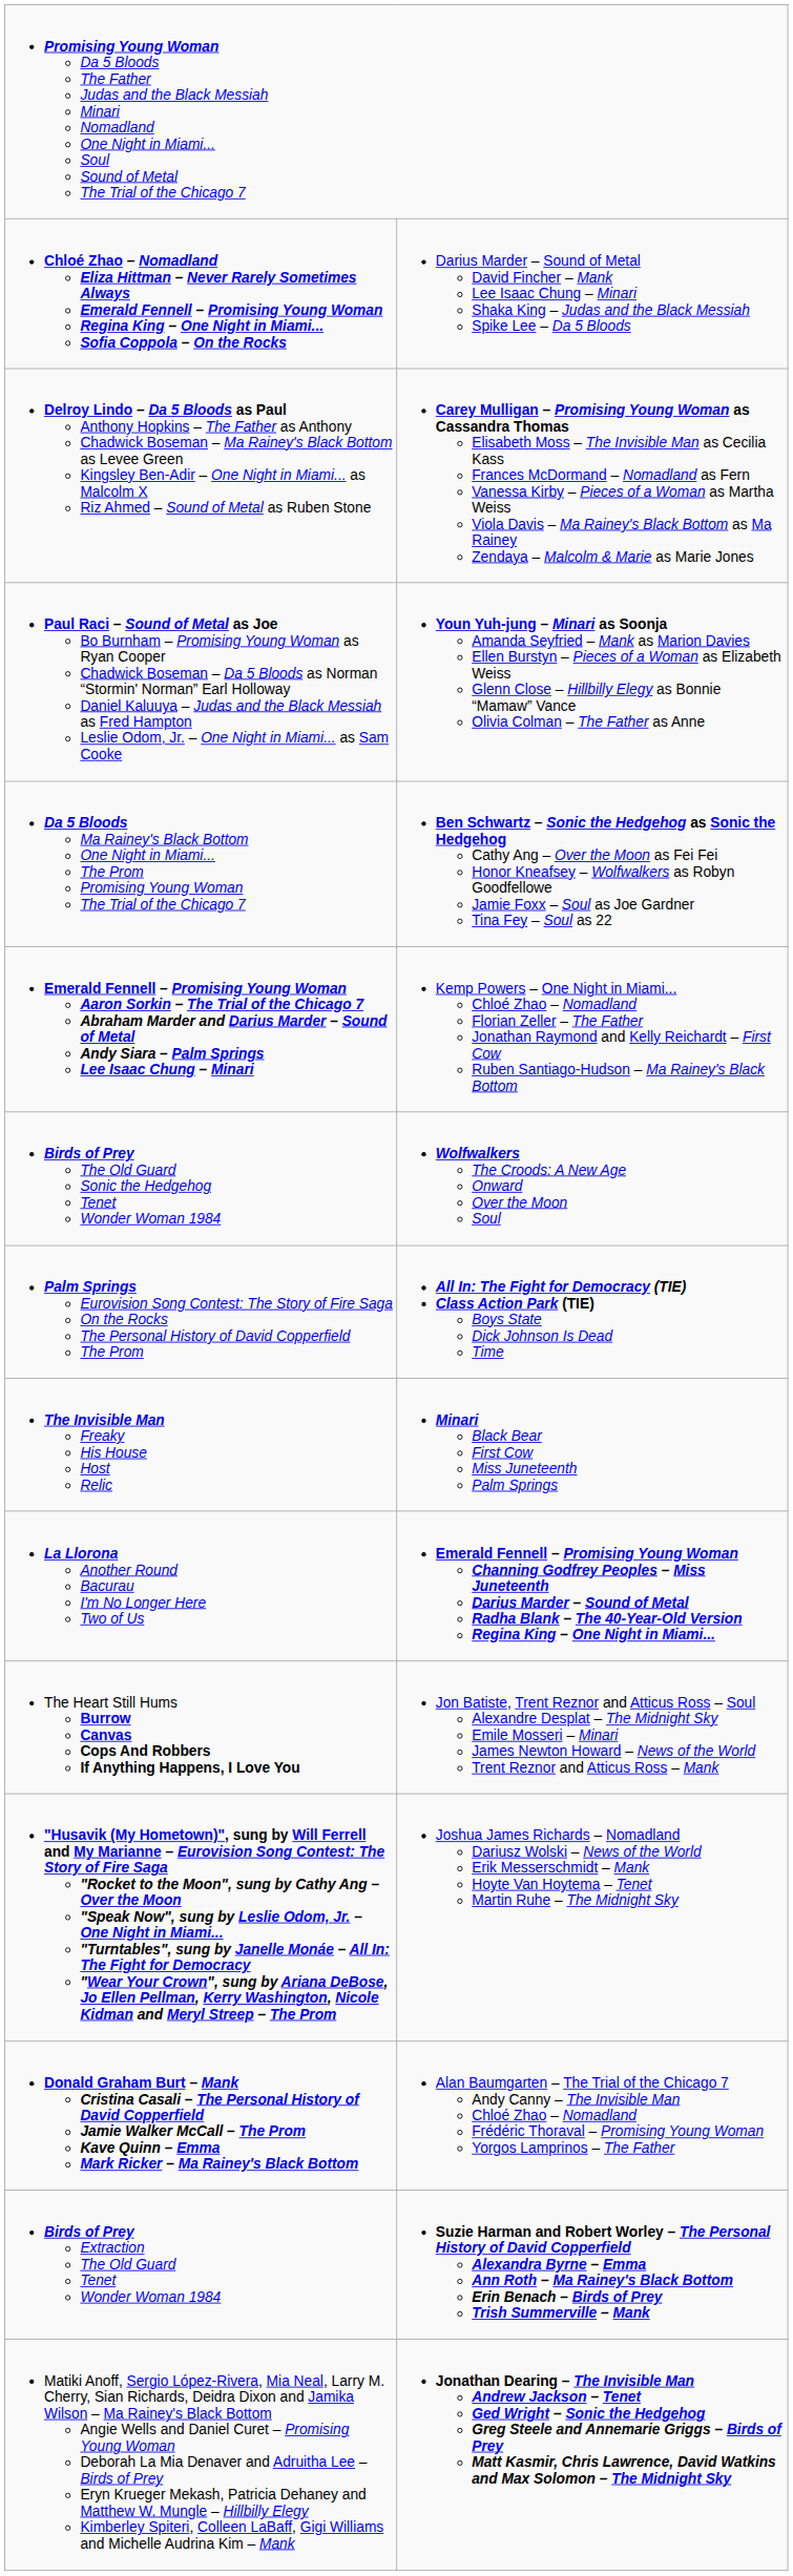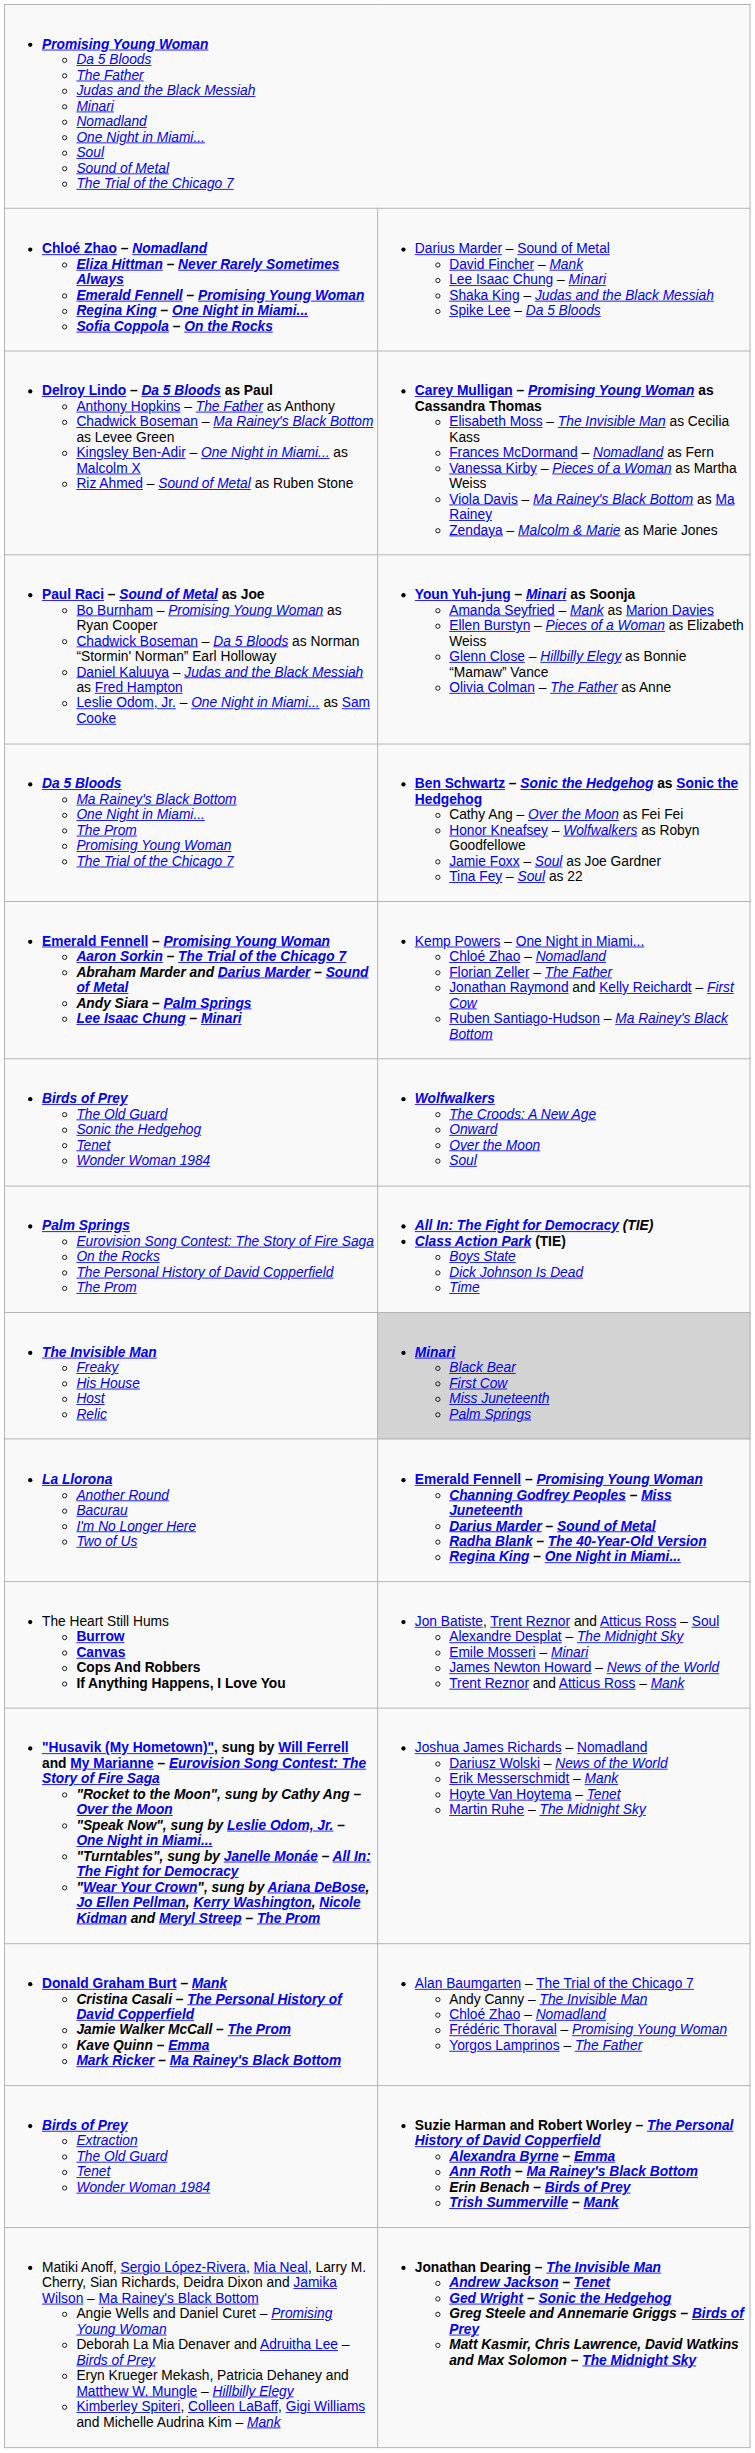 <table class="wikitable">
 <tr>
 <td valign="top" width="50%" colspan=2><br><ul><li><strong><em><a href='#'>Promising Young Woman</a></em></strong><ul><li><em><a href='#'>Da 5 Bloods</a></em></li><li><em><a href='#'>The Father</a></em></li><li><em><a href='#'>Judas and the Black Messiah</a></em></li><li><em><a href='#'>Minari</a></em></li><li><em><a href='#'>Nomadland</a></em></li><li><em><a href='#'>One Night in Miami...</a></em></li><li><em><a href='#'>Soul</a></em></li><li><em><a href='#'>Sound of Metal</a></em></li><li><em><a href='#'>The Trial of the Chicago 7</a></em></li></ul></li></ul></td>
 </tr>
 <tr>
 <td valign="top" width="50%"><br><ul><li><strong><a href='#'>Chloé Zhao</a> – <em><a href='#'>Nomadland</a><strong><em><ul><li><a href='#'>Eliza Hittman</a> – </em><a href='#'>Never Rarely Sometimes Always</a><em></li><li><a href='#'>Emerald Fennell</a> – </em><a href='#'>Promising Young Woman</a><em></li><li><a href='#'>Regina King</a> – </em><a href='#'>One Night in Miami...</a><em></li><li><a href='#'>Sofia Coppola</a> – </em><a href='#'>On the Rocks</a><em></li></ul></li></ul></td>
 <td valign="top" width="50%"><br><ul><li></strong><a href='#'>Darius Marder</a> – </em><a href='#'>Sound of Metal</a></em></strong><ul><li><a href='#'>David Fincher</a> – <em><a href='#'>Mank</a></em></li><li><a href='#'>Lee Isaac Chung</a> – <em><a href='#'>Minari</a></em></li><li><a href='#'>Shaka King</a> – <em><a href='#'>Judas and the Black Messiah</a></em></li><li><a href='#'>Spike Lee</a> – <em><a href='#'>Da 5 Bloods</a></em></li></ul></li></ul></td>
 </tr>
 <tr>
 <td valign="top" width="50%"><br><ul><li><strong><a href='#'>Delroy Lindo</a> – <em><a href='#'>Da 5 Bloods</a></em> as Paul</strong><ul><li><a href='#'>Anthony Hopkins</a> – <em><a href='#'>The Father</a></em> as Anthony</li><li><a href='#'>Chadwick Boseman</a> – <em><a href='#'>Ma Rainey's Black Bottom</a></em> as Levee Green </li><li><a href='#'>Kingsley Ben-Adir</a> – <em><a href='#'>One Night in Miami...</a></em> as <a href='#'>Malcolm X</a></li><li><a href='#'>Riz Ahmed</a> – <em><a href='#'>Sound of Metal</a></em> as Ruben Stone</li></ul></li></ul></td>
 <td valign="top" width="50%"><br><ul><li><strong><a href='#'>Carey Mulligan</a> – <em><a href='#'>Promising Young Woman</a></em> as Cassandra Thomas</strong><ul><li><a href='#'>Elisabeth Moss</a> – <em><a href='#'>The Invisible Man</a></em> as Cecilia Kass</li><li><a href='#'>Frances McDormand</a> – <em><a href='#'>Nomadland</a></em> as Fern</li><li><a href='#'>Vanessa Kirby</a> – <em><a href='#'>Pieces of a Woman</a></em> as Martha Weiss</li><li><a href='#'>Viola Davis</a> – <em><a href='#'>Ma Rainey's Black Bottom</a></em> as <a href='#'>Ma Rainey</a></li><li><a href='#'>Zendaya</a> – <em><a href='#'>Malcolm & Marie</a></em> as Marie Jones</li></ul></li></ul></td>
 </tr>
 <tr>
 <td valign="top" width="50%"><br><ul><li><strong><a href='#'>Paul Raci</a> – <em><a href='#'>Sound of Metal</a></em> as Joe</strong><ul><li><a href='#'>Bo Burnham</a> – <em><a href='#'>Promising Young Woman</a></em> as Ryan Cooper</li><li><a href='#'>Chadwick Boseman</a> – <em><a href='#'>Da 5 Bloods</a></em> as Norman “Stormin' Norman” Earl Holloway </li><li><a href='#'>Daniel Kaluuya</a> – <em><a href='#'>Judas and the Black Messiah</a></em> as <a href='#'>Fred Hampton</a></li><li><a href='#'>Leslie Odom, Jr.</a> – <em><a href='#'>One Night in Miami...</a></em> as <a href='#'>Sam Cooke</a></li></ul></li></ul></td>
 <td valign="top" width="50%"><br><ul><li><strong><a href='#'>Youn Yuh-jung</a> – <em><a href='#'>Minari</a></em> as Soonja</strong><ul><li><a href='#'>Amanda Seyfried</a> – <em><a href='#'>Mank</a></em> as <a href='#'>Marion Davies</a></li><li><a href='#'>Ellen Burstyn</a> – <em><a href='#'>Pieces of a Woman</a></em> as Elizabeth Weiss</li><li><a href='#'>Glenn Close</a> – <em><a href='#'>Hillbilly Elegy</a></em> as Bonnie “Mamaw” Vance</li><li><a href='#'>Olivia Colman</a> – <em><a href='#'>The Father</a></em> as Anne</li></ul></li></ul></td>
 </tr>
 <tr>
 <td valign="top" width="50%"><br><ul><li><strong><em><a href='#'>Da 5 Bloods</a></em></strong><ul><li><em><a href='#'>Ma Rainey's Black Bottom</a></em></li><li><em><a href='#'>One Night in Miami...</a></em></li><li><em><a href='#'>The Prom</a></em></li><li><em><a href='#'>Promising Young Woman</a></em></li><li><em><a href='#'>The Trial of the Chicago 7</a></em></li></ul></li></ul></td>
 <td valign="top" width="50%"><br><ul><li><strong><a href='#'>Ben Schwartz</a> – <em><a href='#'>Sonic the Hedgehog</a></em> as <a href='#'>Sonic the Hedgehog</a></strong><ul><li>Cathy Ang – <em><a href='#'>Over the Moon</a></em> as Fei Fei</li><li><a href='#'>Honor Kneafsey</a> – <em><a href='#'>Wolfwalkers</a></em> as Robyn Goodfellowe</li><li><a href='#'>Jamie Foxx</a> – <em><a href='#'>Soul</a></em> as Joe Gardner</li><li><a href='#'>Tina Fey</a> – <em><a href='#'>Soul</a></em> as 22</li></ul></li></ul></td>
 </tr>
 <tr>
 <td valign="top" width="50%"><br><ul><li><strong><a href='#'>Emerald Fennell</a> – <em><a href='#'>Promising Young Woman</a><strong><em><ul><li><a href='#'>Aaron Sorkin</a> – </em><a href='#'>The Trial of the Chicago 7</a><em></li><li>Abraham Marder and <a href='#'>Darius Marder</a> – </em><a href='#'>Sound of Metal</a><em></li><li>Andy Siara – </em><a href='#'>Palm Springs</a><em></li><li><a href='#'>Lee Isaac Chung</a> – </em><a href='#'>Minari</a><em></li></ul></li></ul></td>
 <td valign="top" width="50%"><br><ul><li></strong><a href='#'>Kemp Powers</a> – </em><a href='#'>One Night in Miami...</a></em></strong><ul><li><a href='#'>Chloé Zhao</a> – <em><a href='#'>Nomadland</a></em></li><li><a href='#'>Florian Zeller</a> – <em><a href='#'>The Father</a></em></li><li><a href='#'>Jonathan Raymond</a> and <a href='#'>Kelly Reichardt</a> – <em><a href='#'>First Cow</a></em></li><li><a href='#'>Ruben Santiago-Hudson</a> – <em><a href='#'>Ma Rainey's Black Bottom</a></em></li></ul></li></ul></td>
 </tr>
 <tr>
 <td valign="top" width="50%"><br><ul><li><strong><em><a href='#'>Birds of Prey</a></em></strong><ul><li><em><a href='#'>The Old Guard</a></em></li><li><em><a href='#'>Sonic the Hedgehog</a></em></li><li><em><a href='#'>Tenet</a></em></li><li><em><a href='#'>Wonder Woman 1984</a></em></li></ul></li></ul></td>
 <td valign="top" width="50%"><br><ul><li><strong><em><a href='#'>Wolfwalkers</a></em></strong><ul><li><em><a href='#'>The Croods: A New Age</a></em></li><li><em><a href='#'>Onward</a></em></li><li><em><a href='#'>Over the Moon</a></em></li><li><em><a href='#'>Soul</a></em></li></ul></li></ul></td>
 </tr>
 <tr>
 <td valign="top" width="50%"><br><ul><li><strong><em><a href='#'>Palm Springs</a></em></strong><ul><li><em><a href='#'>Eurovision Song Contest: The Story of Fire Saga</a></em></li><li><em><a href='#'>On the Rocks</a></em></li><li><em><a href='#'>The Personal History of David Copperfield</a></em></li><li><em><a href='#'>The Prom</a></em></li></ul></li></ul></td>
 <td valign="top" width="50%"><br><ul><li><strong><em><a href='#'>All In: The Fight for Democracy</a><em> (TIE)<strong></li><li></em></strong><a href='#'>Class Action Park</a></em> (TIE)</strong><ul><li><em><a href='#'>Boys State</a></em></li><li><em><a href='#'>Dick Johnson Is Dead</a></em></li><li><em><a href='#'>Time</a></em></li></ul></li></ul></td>
 </tr>
 <tr>
 <td valign="top" width="50%"><br><ul><li><strong><em><a href='#'>The Invisible Man</a></em></strong><ul><li><em><a href='#'>Freaky</a></em></li><li><em><a href='#'>His House</a></em></li><li><em><a href='#'>Host</a></em></li><li><em><a href='#'>Relic</a></em></li></ul></li></ul></td>
-<td valign="top" width="50%"><br><ul><li><strong><em><a href='#'>Minari</a></em></strong><ul><li><em><a href='#'>Black Bear</a></em></li><li><em><a href='#'>First Cow</a></em></li><li><em><a href='#'>Miss Juneteenth</a></em></li><li><em><a href='#'>Palm Springs</a></em></li></ul></li></ul></td>
+<td valign="top" width="50%" style="background: lightgrey;"><br><ul><li><strong><em><a href='#'>Minari</a></em></strong><ul><li><em><a href='#'>Black Bear</a></em></li><li><em><a href='#'>First Cow</a></em></li><li><em><a href='#'>Miss Juneteenth</a></em></li><li><em><a href='#'>Palm Springs</a></em></li></ul></li></ul></td>
 </tr>
 <tr>
 <td valign="top" width="50%"><br><ul><li><strong><em><a href='#'>La Llorona</a></em></strong><ul><li><em><a href='#'>Another Round</a></em></li><li><em><a href='#'>Bacurau</a></em></li><li><em><a href='#'>I'm No Longer Here</a></em></li><li><em><a href='#'>Two of Us</a></em></li></ul></li></ul></td>
 <td valign="top" width="50%"><br><ul><li><strong><a href='#'>Emerald Fennell</a> – <em><a href='#'>Promising Young Woman</a><strong><em><ul><li><a href='#'>Channing Godfrey Peoples</a> – </em><a href='#'>Miss Juneteenth</a><em></li><li><a href='#'>Darius Marder</a> – </em><a href='#'>Sound of Metal</a><em></li><li><a href='#'>Radha Blank</a> – </em><a href='#'>The 40-Year-Old Version</a><em></li><li><a href='#'>Regina King</a> – </em><a href='#'>One Night in Miami...</a><em></li></ul></li></ul></td>
 </tr>
 <tr>
 <td valign="top" width="50%"><br><ul><li></em></strong>The Heart Still Hums<strong><em><ul><li></em><a href='#'>Burrow</a><em></li><li></em><a href='#'>Canvas</a><em></li><li></em>Cops And Robbers<em></li><li></em>If Anything Happens, I Love You<em></li></ul></li></ul></td>
 <td valign="top" width="50%"><br><ul><li></strong><a href='#'>Jon Batiste</a>, <a href='#'>Trent Reznor</a> and <a href='#'>Atticus Ross</a> – </em><a href='#'>Soul</a></em></strong><ul><li><a href='#'>Alexandre Desplat</a> – <em><a href='#'>The Midnight Sky</a></em></li><li><a href='#'>Emile Mosseri</a> – <em><a href='#'>Minari</a></em></li><li><a href='#'>James Newton Howard</a> – <em><a href='#'>News of the World</a></em></li><li><a href='#'>Trent Reznor</a> and <a href='#'>Atticus Ross</a> – <em><a href='#'>Mank</a></em></li></ul></li></ul></td>
 </tr>
 <tr>
 <td valign="top" width="50%"><br><ul><li><strong><a href='#'>"Husavik (My Hometown)"</a>, sung by <a href='#'>Will Ferrell</a> and <a href='#'>My Marianne</a> – <em><a href='#'>Eurovision Song Contest: The Story of Fire Saga</a><strong><em><ul><li>"Rocket to the Moon", sung by Cathy Ang – </em><a href='#'>Over the Moon</a><em></li><li>"Speak Now", sung by <a href='#'>Leslie Odom, Jr.</a> – </em><a href='#'>One Night in Miami...</a><em></li><li>"Turntables", sung by <a href='#'>Janelle Monáe</a> – </em><a href='#'>All In: The Fight for Democracy</a><em></li><li>"<a href='#'>Wear Your Crown</a>", sung by <a href='#'>Ariana DeBose</a>, <a href='#'>Jo Ellen Pellman</a>, <a href='#'>Kerry Washington</a>, <a href='#'>Nicole Kidman</a> and <a href='#'>Meryl Streep</a> – </em><a href='#'>The Prom</a><em></li></ul></li></ul></td>
 <td valign="top" width="50%"><br><ul><li></strong><a href='#'>Joshua James Richards</a> – </em><a href='#'>Nomadland</a></em></strong><ul><li><a href='#'>Dariusz Wolski</a> – <em><a href='#'>News of the World</a></em></li><li><a href='#'>Erik Messerschmidt</a> – <em><a href='#'>Mank</a></em></li><li><a href='#'>Hoyte Van Hoytema</a> – <em><a href='#'>Tenet</a></em></li><li><a href='#'>Martin Ruhe</a> – <em><a href='#'>The Midnight Sky</a></em></li></ul></li></ul></td>
 </tr>
 <tr>
 <td valign="top" width="50%"><br><ul><li><strong><a href='#'>Donald Graham Burt</a> – <em><a href='#'>Mank</a><strong><em><ul><li>Cristina Casali – </em><a href='#'>The Personal History of David Copperfield</a><em></li><li>Jamie Walker McCall – </em><a href='#'>The Prom</a><em></li><li>Kave Quinn – </em><a href='#'>Emma</a><em></li><li><a href='#'>Mark Ricker</a> – </em><a href='#'>Ma Rainey's Black Bottom</a><em></li></ul></li></ul></td>
 <td valign="top" width="50%"><br><ul><li></strong><a href='#'>Alan Baumgarten</a> – </em><a href='#'>The Trial of the Chicago 7</a></em></strong><ul><li>Andy Canny – <em><a href='#'>The Invisible Man</a></em></li><li><a href='#'>Chloé Zhao</a> – <em><a href='#'>Nomadland</a></em></li><li><a href='#'>Frédéric Thoraval</a> – <em><a href='#'>Promising Young Woman</a></em></li><li><a href='#'>Yorgos Lamprinos</a> – <em><a href='#'>The Father</a></em></li></ul></li></ul></td>
 </tr>
 <tr>
 <td valign="top" width="50%"><br><ul><li><strong><em><a href='#'>Birds of Prey</a></em></strong><ul><li><em><a href='#'>Extraction</a></em></li><li><em><a href='#'>The Old Guard</a></em></li><li><em><a href='#'>Tenet</a></em></li><li><em><a href='#'>Wonder Woman 1984</a></em></li></ul></li></ul></td>
 <td valign="top" width="50%"><br><ul><li><strong>Suzie Harman and Robert Worley – <em><a href='#'>The Personal History of David Copperfield</a><strong><em><ul><li><a href='#'>Alexandra Byrne</a> – </em><a href='#'>Emma</a><em></li><li><a href='#'>Ann Roth</a> – </em><a href='#'>Ma Rainey's Black Bottom</a><em></li><li>Erin Benach – </em><a href='#'>Birds of Prey</a><em></li><li><a href='#'>Trish Summerville</a> – </em><a href='#'>Mank</a><em></li></ul></li></ul></td>
 </tr>
 <tr>
 <td valign="top" width="50%"><br><ul><li></strong>Matiki Anoff, <a href='#'>Sergio López-Rivera</a>, <a href='#'>Mia Neal</a>, Larry M. Cherry, Sian Richards, Deidra Dixon and <a href='#'>Jamika Wilson</a> – </em><a href='#'>Ma Rainey's Black Bottom</a></em></strong><ul><li>Angie Wells and Daniel Curet – <em><a href='#'>Promising Young Woman</a></em></li><li>Deborah La Mia Denaver and <a href='#'>Adruitha Lee</a> – <em><a href='#'>Birds of Prey</a></em></li><li>Eryn Krueger Mekash, Patricia Dehaney and <a href='#'>Matthew W. Mungle</a> – <em><a href='#'>Hillbilly Elegy</a></em></li><li><a href='#'>Kimberley Spiteri</a>, <a href='#'>Colleen LaBaff</a>, <a href='#'>Gigi Williams</a> and Michelle Audrina Kim – <em><a href='#'>Mank</a></em></li></ul></li></ul></td>
 <td valign="top" width="50%"><br><ul><li><strong>Jonathan Dearing – <em><a href='#'>The Invisible Man</a><strong><em><ul><li><a href='#'>Andrew Jackson</a> – </em><a href='#'>Tenet</a><em></li><li><a href='#'>Ged Wright</a>  – </em><a href='#'>Sonic the Hedgehog</a><em></li><li>Greg Steele and Annemarie Griggs – </em><a href='#'>Birds of Prey</a><em></li><li>Matt Kasmir, Chris Lawrence, David Watkins and Max Solomon – </em><a href='#'>The Midnight Sky</a><em></li></ul></li></ul></td>
 </tr>
 </table>
